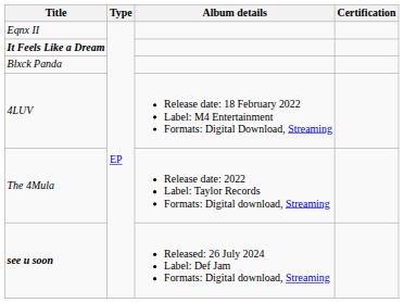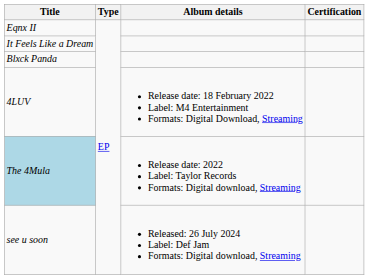 <table class="wikitable plainrowheaders">
 <tr>
 <th>Title</th>
 <th>Type</th>
 <th>Album details</th>
 <th>Certification</th>
 </tr>
 <tr>
 <td><em>Eqnx II</em></td>
 <td rowspan="6"><a href='#'>EP</a></td>
 <td></td>
 <td></td>
 </tr>
 <tr>
-<td><strong><em>It Feels Like a Dream</em></strong></td>
+<td><em>It Feels Like a Dream</em></td>
 <td></td>
 <td></td>
 </tr>
 <tr>
 <td><em>Blxck Panda</em> </td>
 <td></td>
 <td></td>
 </tr>
 <tr>
 <td><em>4LUV</em></td>
 <td><br><ul><li>Release date: 18 February 2022</li><li>Label: M4 Entertainment</li><li>Formats: Digital Download, <a href='#'>Streaming</a></li></ul></td>
 <td></td>
 </tr>
 <tr>
-<td><em>The 4Mula</em></td>
+<td style="background: lightblue;"><em>The 4Mula</em></td>
 <td><br><ul><li>Release date: 2022</li><li>Label: Taylor Records</li><li>Formats: Digital download, <a href='#'>Streaming</a></li></ul></td>
 <td></td>
 </tr>
 <tr>
-<td><strong><em>see u soon</em></strong></td>
+<td><em>see u soon</em></td>
 <td><br><ul><li>Released: 26 July 2024</li><li>Label: Def Jam</li><li>Formats: Digital download, <a href='#'>Streaming</a></li></ul></td>
 <td></td>
 </tr>
 </table>
